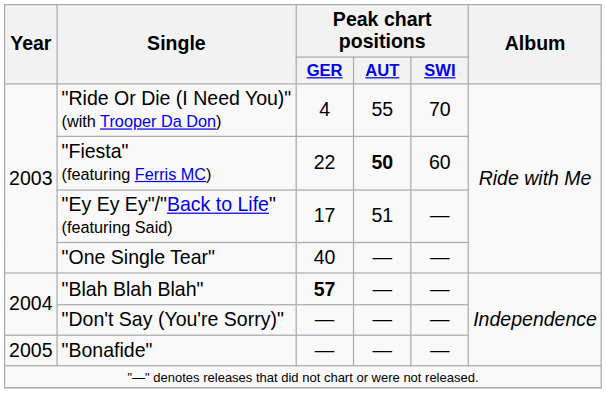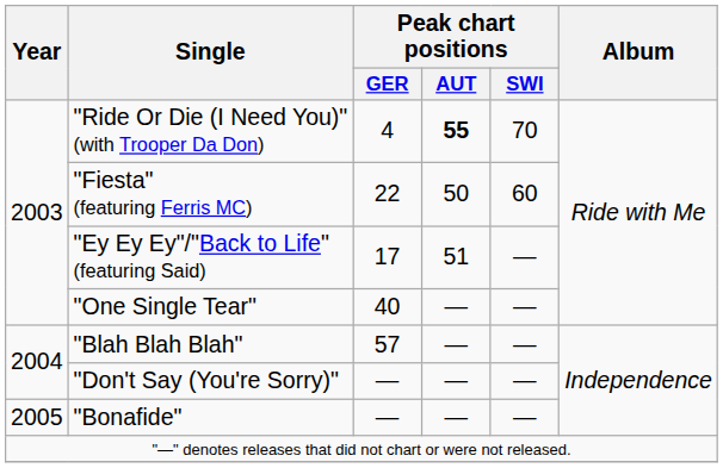 <table class="wikitable" style="text-align:center;">
 <tr>
 <th rowspan="2">Year</th>
 <th rowspan="2">Single</th>
 <th colspan="3">Peak chart positions</th>
 <th rowspan="2">Album</th>
 </tr>
 <tr>
 <th style="width:3em;font-size:85%"><a href='#'>GER</a></th>
 <th style="width:3em;font-size:85%"><a href='#'>AUT</a></th>
 <th style="width:3em;font-size:85%"><a href='#'>SWI</a></th>
 </tr>
 <tr>
 <td rowspan="4">2003</td>
 <td align="left">"Ride Or Die (I Need You)" <br><small>(with <a href='#'>Trooper Da Don</a>)</small></td>
 <td>4</td>
-<td>55</td>
+<td><strong>55</strong></td>
 <td>70</td>
 <td align="center" rowspan="4"><em>Ride with Me</em></td>
 </tr>
 <tr>
 <td align="left">"Fiesta" <br><small>(featuring <a href='#'>Ferris MC</a>)</small></td>
 <td>22</td>
-<td><strong>50</strong></td>
+<td>50</td>
 <td>60</td>
 </tr>
 <tr>
 <td align="left">"Ey Ey Ey"/"<a href='#'>Back to Life</a>" <br><small>(featuring Said)</small></td>
 <td>17</td>
 <td>51</td>
 <td>—</td>
 </tr>
 <tr>
 <td align="left">"One Single Tear"</td>
 <td>40</td>
 <td>—</td>
 <td>—</td>
 </tr>
 <tr>
 <td rowspan="2">2004</td>
 <td align="left">"Blah Blah Blah"</td>
-<td><strong>57</strong></td>
+<td>57</td>
 <td>—</td>
 <td>—</td>
 <td align="center" rowspan="3"><em>Independence</em></td>
 </tr>
 <tr>
 <td align="left">"Don't Say (You're Sorry)"</td>
 <td>—</td>
 <td>—</td>
 <td>—</td>
 </tr>
 <tr>
 <td rowspan="1">2005</td>
 <td align="left">"Bonafide"</td>
 <td>—</td>
 <td>—</td>
 <td>—</td>
 </tr>
 <tr>
 <td align="center" colspan="16" style="font-size: 8pt">"—" denotes releases that did not chart or were not released.</td>
 </tr>
 <tr>
 </tr>
 </table>
